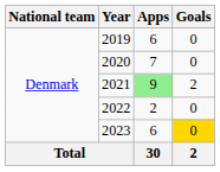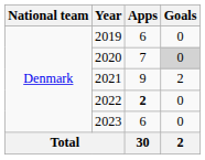 <table class="wikitable" style="text-align:center">
 <tr>
 <th>National team</th>
 <th>Year</th>
 <th>Apps</th>
 <th>Goals</th>
 </tr>
 <tr>
 <td rowspan="5"><a href='#'>Denmark</a></td>
 <td>2019</td>
 <td>6</td>
 <td>0</td>
 </tr>
 <tr>
 <td>2020</td>
 <td>7</td>
-<td>0</td>
+<td style="background: lightgrey;">0</td>
 </tr>
 <tr>
 <td>2021</td>
-<td style="background: lightgreen;">9</td>
+<td>9</td>
 <td>2</td>
 </tr>
 <tr>
 <td>2022</td>
-<td>2</td>
+<td><strong>2</strong></td>
 <td>0</td>
 </tr>
 <tr>
 <td>2023</td>
 <td>6</td>
-<td style="background: gold;">0</td>
+<td>0</td>
 </tr>
 <tr>
 <th colspan="2">Total</th>
 <th>30</th>
 <th>2</th>
 </tr>
 </table>
